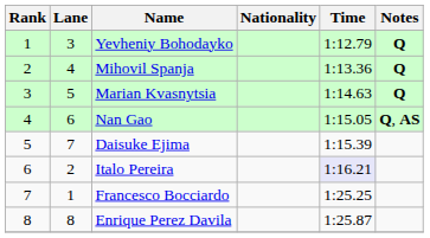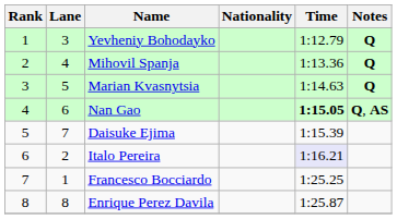 <table class="wikitable">
 <tr>
 <th>Rank</th>
 <th>Lane</th>
 <th>Name</th>
 <th>Nationality</th>
 <th>Time</th>
 <th>Notes</th>
 </tr>
 <tr bgcolor=ccffcc>
 <td align=center>1</td>
 <td align=center>3</td>
 <td><a href='#'>Yevheniy Bohodayko</a></td>
 <td></td>
 <td align=center>1:12.79</td>
 <td align=center><strong>Q</strong></td>
 </tr>
 <tr bgcolor=ccffcc>
 <td align=center>2</td>
 <td align=center>4</td>
 <td><a href='#'>Mihovil Spanja</a></td>
 <td></td>
 <td align=center>1:13.36</td>
 <td align=center><strong>Q</strong></td>
 </tr>
 <tr bgcolor=ccffcc>
 <td align=center>3</td>
 <td align=center>5</td>
 <td><a href='#'>Marian Kvasnytsia</a></td>
 <td></td>
 <td align=center>1:14.63</td>
 <td align=center><strong>Q</strong></td>
 </tr>
 <tr bgcolor=ccffcc>
 <td align=center>4</td>
 <td align=center>6</td>
 <td><a href='#'>Nan Gao</a></td>
 <td></td>
-<td align=center>1:15.05</td>
+<td align=center><strong>1:15.05</strong></td>
 <td align=center><strong>Q</strong>, <strong>AS</strong></td>
 </tr>
 <tr>
 <td align=center>5</td>
 <td align=center>7</td>
 <td><a href='#'>Daisuke Ejima</a></td>
 <td></td>
 <td align=center>1:15.39</td>
 <td align=center></td>
 </tr>
 <tr>
 <td align=center>6</td>
 <td align=center>2</td>
 <td><a href='#'>Italo Pereira</a></td>
 <td></td>
 <td align=center style="background: lavender;">1:16.21</td>
 <td align=center></td>
 </tr>
 <tr>
 <td align=center>7</td>
 <td align=center>1</td>
 <td><a href='#'>Francesco Bocciardo</a></td>
 <td></td>
 <td align=center>1:25.25</td>
 <td align=center></td>
 </tr>
 <tr>
 <td align=center>8</td>
 <td align=center>8</td>
 <td><a href='#'>Enrique Perez Davila</a></td>
 <td></td>
 <td align=center>1:25.87</td>
 <td align=center></td>
 </tr>
 <tr>
 </tr>
 </table>
